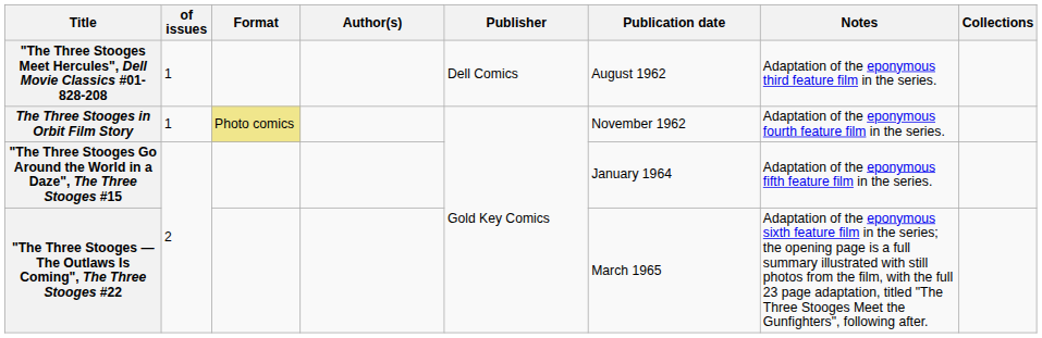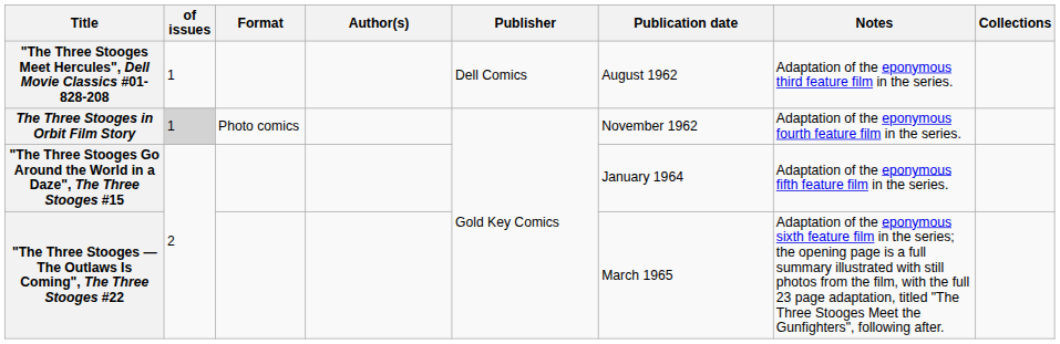 <table class="wikitable">
 <tr>
 <th>Title</th>
 <th style="width:40pt"> of issues</th>
 <th style="width:75pt">Format</th>
 <th style="width:125pt">Author(s)</th>
 <th style="width:125pt">Publisher</th>
 <th style="width:150pt">Publication date</th>
 <th style="width:175pt">Notes</th>
 <th>Collections</th>
 </tr>
 <tr>
 <th>"The Three Stooges Meet Hercules", <em>Dell Movie Classics</em> #01-828-208</th>
 <td>1</td>
 <td></td>
 <td></td>
 <td>Dell Comics</td>
 <td>August 1962</td>
 <td>Adaptation of the <a href='#'>eponymous third feature film</a> in the series.</td>
 <td></td>
 </tr>
 <tr>
 <th><em>The Three Stooges in Orbit Film Story</em></th>
-<td>1</td>
-<td style="background: khaki;">Photo comics</td>
+<td style="background: lightgrey;">1</td>
+<td>Photo comics</td>
 <td></td>
 <td rowspan="3">Gold Key Comics</td>
 <td>November 1962</td>
 <td>Adaptation of the <a href='#'>eponymous fourth feature film</a> in the series.</td>
 <td></td>
 </tr>
 <tr>
 <th>"The Three Stooges Go Around the World in a Daze", <em>The Three Stooges</em> #15</th>
 <td rowspan="2">2</td>
 <td></td>
 <td></td>
 <td>January 1964</td>
 <td>Adaptation of the <a href='#'>eponymous fifth feature film</a> in the series.</td>
 <td></td>
 </tr>
 <tr>
 <th>"The Three Stooges — The Outlaws Is Coming", <em>The Three Stooges</em> #22</th>
 <td></td>
 <td></td>
 <td>March 1965</td>
 <td>Adaptation of the <a href='#'>eponymous sixth feature film</a> in the series; the opening page is a full summary illustrated with still photos from the film, with the full 23 page adaptation, titled "The Three Stooges Meet the Gunfighters", following after.</td>
 <td></td>
 </tr>
 </table>
